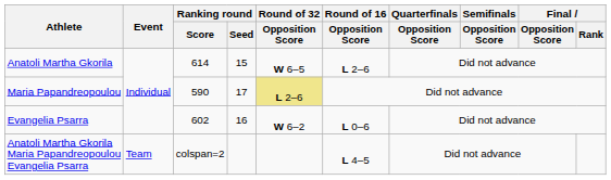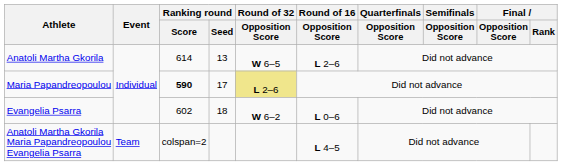 <table class="wikitable" style="font-size:90%">
 <tr>
 <th rowspan=2>Athlete</th>
 <th rowspan=2>Event</th>
 <th colspan=2>Ranking round</th>
 <th>Round of 32</th>
 <th>Round of 16</th>
 <th>Quarterfinals</th>
 <th>Semifinals</th>
 <th colspan=2>Final / </th>
 </tr>
 <tr style="font-size:95%">
 <th>Score</th>
 <th>Seed</th>
 <th>Opposition<br>Score</th>
 <th>Opposition<br>Score</th>
 <th>Opposition<br>Score</th>
 <th>Opposition<br>Score</th>
 <th>Opposition<br>Score</th>
 <th>Rank</th>
 </tr>
 <tr align=center>
 <td align=left><a href='#'>Anatoli Martha Gkorila</a></td>
 <td align=left rowspan=3><a href='#'>Individual</a></td>
 <td>614</td>
-<td>15</td>
+<td>13</td>
 <td><br><strong>W</strong> 6–5</td>
 <td><br><strong>L</strong> 2–6</td>
 <td colspan=4>Did not advance</td>
 </tr>
 <tr align=center>
 <td align=left><a href='#'>Maria Papandreopoulou</a></td>
-<td>590</td>
+<td><strong>590</strong></td>
 <td>17</td>
 <td style="background: khaki;"><br><strong>L</strong> 2–6</td>
 <td colspan=5>Did not advance</td>
 </tr>
 <tr align=center>
 <td align=left><a href='#'>Evangelia Psarra</a></td>
 <td>602</td>
-<td>16</td>
+<td>18</td>
 <td><br><strong>W</strong> 6–2</td>
 <td><br><strong>L</strong> 0–6</td>
 <td colspan=4>Did not advance</td>
 </tr>
 <tr align=center>
 <td align=left><a href='#'>Anatoli Martha Gkorila</a><br><a href='#'>Maria Papandreopoulou</a><br><a href='#'>Evangelia Psarra</a></td>
 <td align=left><a href='#'>Team</a></td>
 <td>colspan=2 </td>
 <td></td>
 <td></td>
 <td><br><strong>L</strong> 4–5</td>
 <td colspan=3>Did not advance</td>
 </tr>
 </table>
